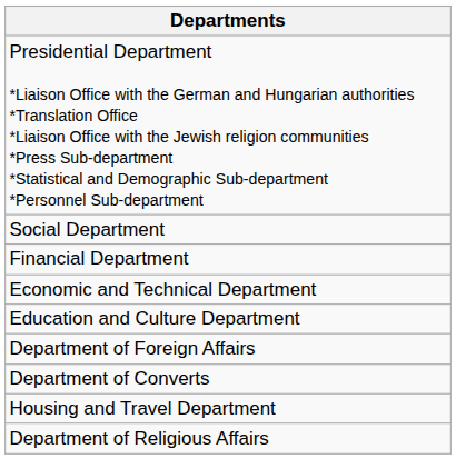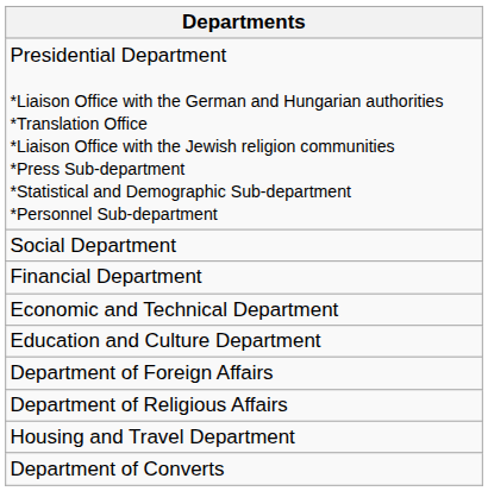 <table class="wikitable" style="width:30%; float:right;">
 <tr>
 <th>Departments</th>
 </tr>
 <tr>
 <td>Presidential Department<br><br><small>*Liaison Office with the German and Hungarian authorities</small><br> <small>*Translation Office</small><br> <small>*Liaison Office with the Jewish religion communities</small><br> <small>*Press Sub-department</small><br> <small>*Statistical and Demographic Sub-department</small><br> <small>*Personnel Sub-department</small><br></td>
 </tr>
 <tr>
 <td>Social Department</td>
 </tr>
 <tr>
 <td>Financial Department</td>
 </tr>
 <tr>
 <td>Economic and Technical Department</td>
 </tr>
 <tr>
 <td>Education and Culture Department</td>
 </tr>
 <tr>
 <td>Department of Foreign Affairs</td>
 </tr>
 <tr>
-<td>Department of Converts</td>
+<td>Department of Religious Affairs</td>
 </tr>
 <tr>
 <td>Housing and Travel Department</td>
 </tr>
 <tr>
-<td>Department of Religious Affairs</td>
+<td>Department of Converts</td>
 </tr>
 </table>
